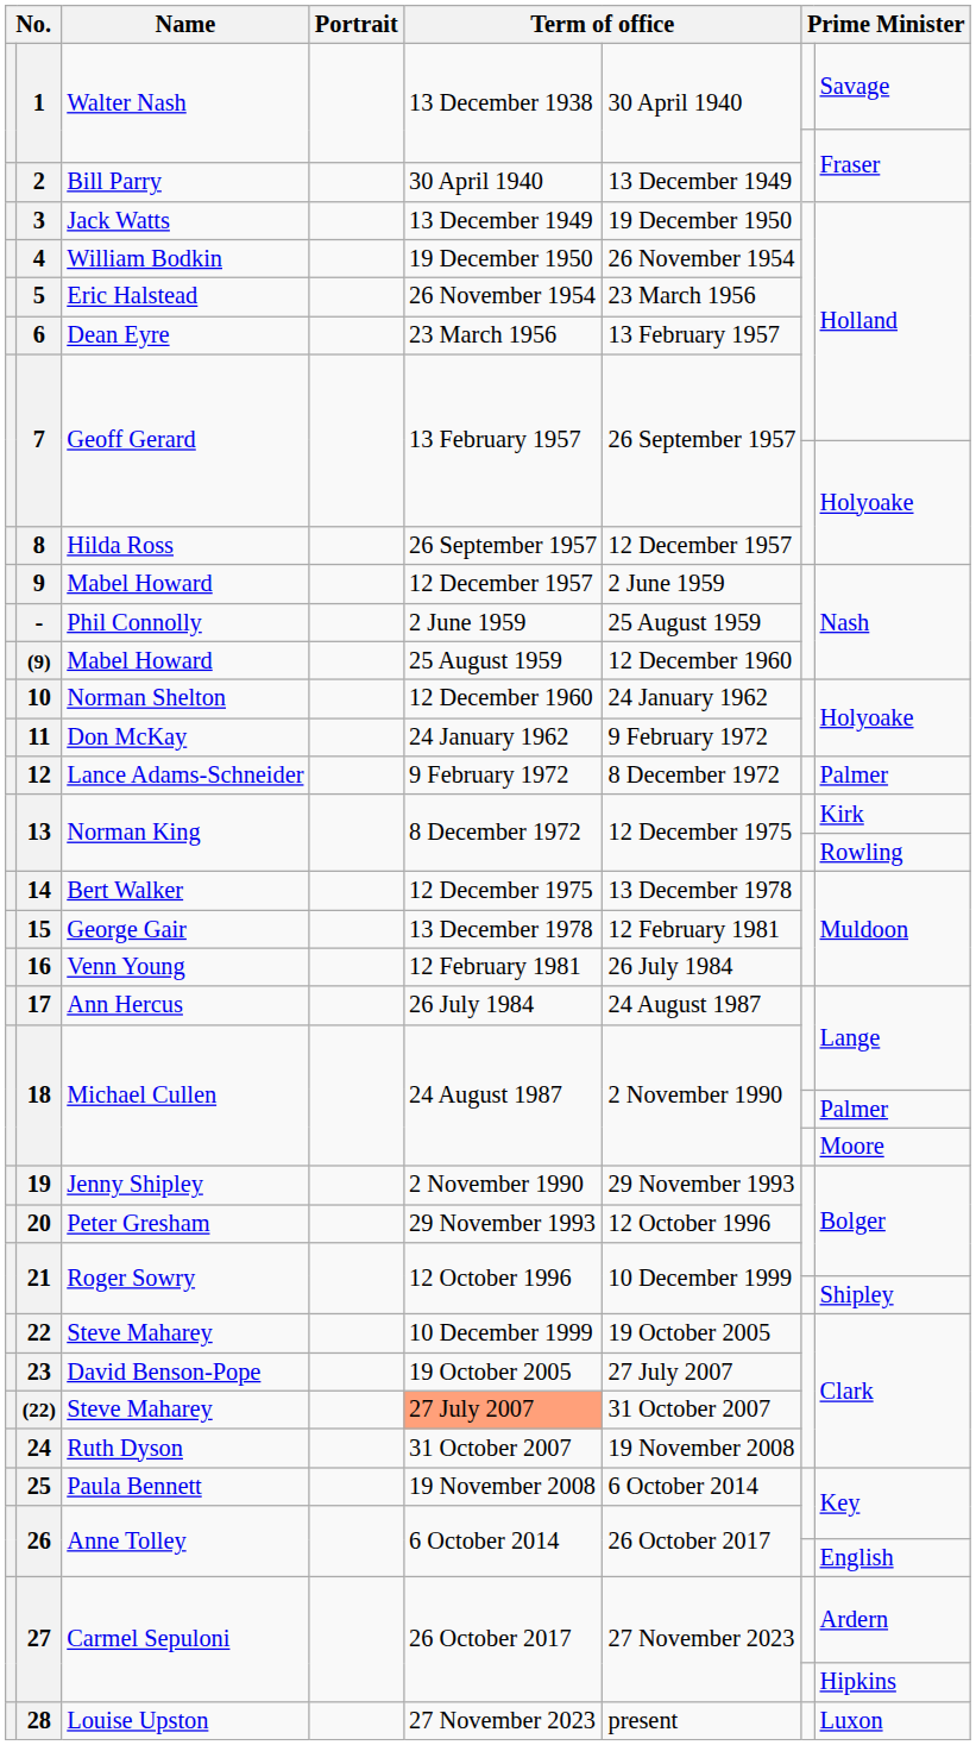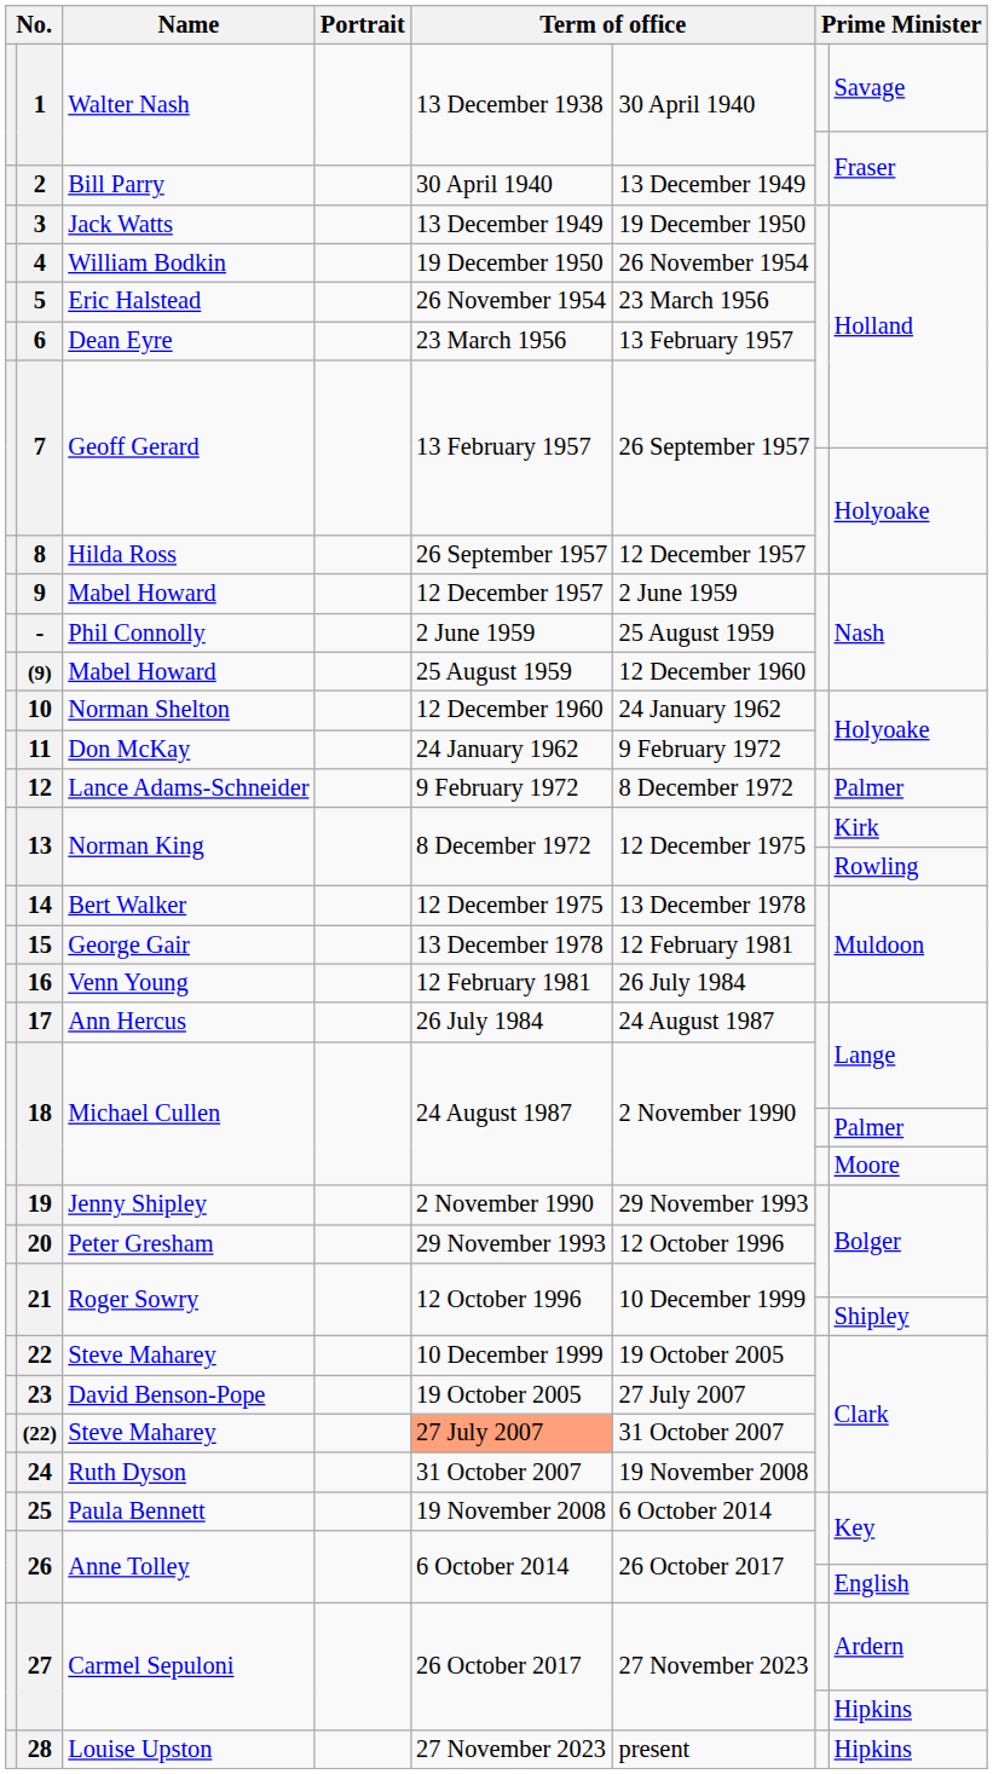 <table class="wikitable">
 <tr>
 <th colspan=2>No.</th>
 <th>Name</th>
 <th>Portrait</th>
 <th colspan=2>Term of office</th>
 <th colspan=2>Prime Minister</th>
 </tr>
 <tr>
 <th height=50 style="border-bottom:solid 0 grey; background:"></th>
 <th rowspan=2>1</th>
 <td rowspan=2><a href='#'>Walter Nash</a></td>
 <td rowspan=2></td>
 <td rowspan=2>13 December 1938</td>
 <td rowspan=2>30 April 1940</td>
 <td width=1 style="color:inherit;background:"></td>
 <td><a href='#'>Savage</a></td>
 </tr>
 <tr>
 <th height=15 style="border-top:solid 0 grey; background:"></th>
 <td rowspan=2 style="border-bottom:solid 0 grey; background:"></td>
 <td rowspan=2><a href='#'>Fraser</a></td>
 </tr>
 <tr>
 <th style="color:inherit;background:"></th>
 <th>2</th>
 <td><a href='#'>Bill Parry</a></td>
 <td></td>
 <td>30 April 1940</td>
 <td>13 December 1949</td>
 </tr>
 <tr>
 <th style="color:inherit;background:"></th>
 <th>3</th>
 <td><a href='#'>Jack Watts</a></td>
 <td></td>
 <td>13 December 1949</td>
 <td>19 December 1950</td>
 <td rowspan=5 style="color:inherit;background:"></td>
 <td rowspan=5><a href='#'>Holland</a></td>
 </tr>
 <tr>
 <th style="color:inherit;background:"></th>
 <th>4</th>
 <td><a href='#'>William Bodkin</a></td>
 <td></td>
 <td>19 December 1950</td>
 <td>26 November 1954</td>
 </tr>
 <tr>
 <th style="color:inherit;background:"></th>
 <th>5</th>
 <td><a href='#'>Eric Halstead</a></td>
 <td></td>
 <td>26 November 1954</td>
 <td>23 March 1956</td>
 </tr>
 <tr>
 <th style="color:inherit;background:"></th>
 <th>6</th>
 <td><a href='#'>Dean Eyre</a></td>
 <td></td>
 <td>23 March 1956</td>
 <td>13 February 1957</td>
 </tr>
 <tr>
 <th height=50 style="border-bottom:solid 0 grey; background:"></th>
 <th rowspan=2>7</th>
 <td rowspan=2><a href='#'>Geoff Gerard</a></td>
 <td rowspan=2></td>
 <td rowspan=2>13 February 1957</td>
 <td rowspan=2>26 September 1957</td>
 </tr>
 <tr>
 <th height=50 style="border-top:solid 0 grey; background:"></th>
 <td rowspan=2 style="color:inherit;background:"></td>
 <td rowspan=2><a href='#'>Holyoake</a></td>
 </tr>
 <tr>
 <th style="color:inherit;background:"></th>
 <th>8</th>
 <td><a href='#'>Hilda Ross</a></td>
 <td></td>
 <td>26 September 1957</td>
 <td>12 December 1957</td>
 </tr>
 <tr>
 <th style="color:inherit;background:"></th>
 <th>9</th>
 <td><a href='#'>Mabel Howard</a></td>
 <td></td>
 <td>12 December 1957</td>
 <td>2 June 1959</td>
 <td rowspan=3 style="color:inherit;background:"></td>
 <td rowspan=3><a href='#'>Nash</a></td>
 </tr>
 <tr>
 <th style="color:inherit;background:"></th>
 <th>-</th>
 <td><a href='#'>Phil Connolly</a><br></td>
 <td></td>
 <td>2 June 1959</td>
 <td>25 August 1959</td>
 </tr>
 <tr>
 <th style="color:inherit;background:"></th>
 <th><small>(9)</small></th>
 <td><a href='#'>Mabel Howard</a></td>
 <td></td>
 <td>25 August 1959</td>
 <td>12 December 1960</td>
 </tr>
 <tr>
 <th style="color:inherit;background:"></th>
 <th>10</th>
 <td><a href='#'>Norman Shelton</a></td>
 <td></td>
 <td>12 December 1960</td>
 <td>24 January 1962</td>
 <td rowspan=2 style="color:inherit;background:"></td>
 <td rowspan=2><a href='#'>Holyoake</a></td>
 </tr>
 <tr>
 <th style="color:inherit;background:"></th>
 <th>11</th>
 <td><a href='#'>Don McKay</a></td>
 <td></td>
 <td>24 January 1962</td>
 <td>9 February 1972</td>
 </tr>
 <tr>
 <th style="color:inherit;background:"></th>
 <th>12</th>
 <td><a href='#'>Lance Adams-Schneider</a></td>
 <td></td>
 <td>9 February 1972</td>
 <td>8 December 1972</td>
 <td style="color:inherit;background:"></td>
 <td><a href='#'>Palmer</a></td>
 </tr>
 <tr>
 <th rowspan=2 style="color:inherit;background:"></th>
 <th rowspan=2>13</th>
 <td rowspan=2><a href='#'>Norman King</a></td>
 <td rowspan=2></td>
 <td rowspan=2>8 December 1972</td>
 <td rowspan=2>12 December 1975</td>
 <td style="color:inherit;background:"></td>
 <td><a href='#'>Kirk</a></td>
 </tr>
 <tr>
 <td style="color:inherit;background:"></td>
 <td><a href='#'>Rowling</a></td>
 </tr>
 <tr>
 <th style="color:inherit;background:"></th>
 <th>14</th>
 <td><a href='#'>Bert Walker</a></td>
 <td></td>
 <td>12 December 1975</td>
 <td>13 December 1978</td>
 <td rowspan=3 style="color:inherit;background:"></td>
 <td rowspan=3><a href='#'>Muldoon</a></td>
 </tr>
 <tr>
 <th style="color:inherit;background:"></th>
 <th>15</th>
 <td><a href='#'>George Gair</a></td>
 <td></td>
 <td>13 December 1978</td>
 <td>12 February 1981</td>
 </tr>
 <tr>
 <th style="color:inherit;background:"></th>
 <th>16</th>
 <td><a href='#'>Venn Young</a></td>
 <td></td>
 <td>12 February 1981</td>
 <td>26 July 1984</td>
 </tr>
 <tr>
 <th style="color:inherit;background:"></th>
 <th>17</th>
 <td><a href='#'>Ann Hercus</a></td>
 <td></td>
 <td>26 July 1984</td>
 <td>24 August 1987</td>
 <td style="border-bottom:solid 0 grey; background:"></td>
 <td rowspan=2><a href='#'>Lange</a></td>
 </tr>
 <tr>
 <th rowspan=3 style="color:inherit;background:"></th>
 <th rowspan=3>18</th>
 <td rowspan=3><a href='#'>Michael Cullen</a></td>
 <td rowspan=3></td>
 <td rowspan=3>24 August 1987</td>
 <td rowspan=3>2 November 1990</td>
 <td height=36 style="border-top:solid 0 grey; background:"></td>
 </tr>
 <tr>
 <td style="color:inherit;background:"></td>
 <td><a href='#'>Palmer</a></td>
 </tr>
 <tr>
 <td style="color:inherit;background:"></td>
 <td><a href='#'>Moore</a></td>
 </tr>
 <tr>
 <th style="color:inherit;background:"></th>
 <th>19</th>
 <td><a href='#'>Jenny Shipley</a></td>
 <td></td>
 <td>2 November 1990</td>
 <td>29 November 1993</td>
 <td rowspan="3" style="color:inherit;background:"></td>
 <td rowspan="3"><a href='#'>Bolger</a></td>
 </tr>
 <tr>
 <th style="color:inherit;background:"></th>
 <th>20</th>
 <td><a href='#'>Peter Gresham</a></td>
 <td></td>
 <td>29 November 1993</td>
 <td>12 October 1996</td>
 </tr>
 <tr>
 <th height=15 style="border-bottom:solid 0 grey; background:"></th>
 <th rowspan="2">21</th>
 <td rowspan="2"><a href='#'>Roger Sowry</a></td>
 <td rowspan="2"></td>
 <td rowspan="2">12 October 1996</td>
 <td rowspan="2">10 December 1999</td>
 </tr>
 <tr>
 <th height=15 style="border-top:solid 0 grey; background:"></th>
 <td style="color:inherit;background:"></td>
 <td><a href='#'>Shipley</a></td>
 </tr>
 <tr>
 <th style="color:inherit;background:"></th>
 <th>22</th>
 <td><a href='#'>Steve Maharey</a></td>
 <td></td>
 <td>10 December 1999</td>
 <td>19 October 2005</td>
 <td rowspan=4 style="color:inherit;background:"></td>
 <td rowspan=4><a href='#'>Clark</a></td>
 </tr>
 <tr>
 <th style="color:inherit;background:"></th>
 <th>23</th>
 <td><a href='#'>David Benson-Pope</a></td>
 <td></td>
 <td>19 October 2005</td>
 <td>27 July 2007</td>
 </tr>
 <tr>
 <th style="color:inherit;background:"></th>
 <th><small>(22)</small></th>
 <td><a href='#'>Steve Maharey</a><br></td>
 <td></td>
 <td style="background: lightsalmon;">27 July 2007</td>
 <td>31 October 2007</td>
 </tr>
 <tr>
 <th style="color:inherit;background:"></th>
 <th>24</th>
 <td><a href='#'>Ruth Dyson</a></td>
 <td></td>
 <td>31 October 2007</td>
 <td>19 November 2008</td>
 </tr>
 <tr>
 <th style="color:inherit;background:"></th>
 <th>25</th>
 <td><a href='#'>Paula Bennett</a></td>
 <td></td>
 <td>19 November 2008</td>
 <td>6 October 2014</td>
 <td rowspan="2" style="color:inherit;background:"></td>
 <td rowspan="2"><a href='#'>Key</a></td>
 </tr>
 <tr>
 <th height=15 style="border-bottom:solid 0 grey; background:"></th>
 <th rowspan="2">26</th>
 <td rowspan="2"><a href='#'>Anne Tolley</a></td>
 <td rowspan="2"></td>
 <td rowspan="2">6 October 2014</td>
 <td rowspan="2">26 October 2017</td>
 </tr>
 <tr>
 <th height=15 style="border-top:solid 0 grey; background:"></th>
 <td style="color:inherit;background:"></td>
 <td><a href='#'>English</a></td>
 </tr>
 <tr>
 <th height=50 style="border-bottom:solid 0 grey; background:"></th>
 <th rowspan="2">27</th>
 <td rowspan="2"><a href='#'>Carmel Sepuloni</a></td>
 <td rowspan="2"></td>
 <td rowspan="2">26 October 2017</td>
 <td rowspan="2">27 November 2023</td>
 <td style="color:inherit;background:"></td>
 <td><a href='#'>Ardern</a></td>
 </tr>
 <tr>
 <th height=15 style="border-top:solid 0 grey; background:"></th>
 <td style="color:inherit;background:"></td>
 <td><a href='#'>Hipkins</a></td>
 </tr>
 <tr>
 <th style="color:inherit;background:"></th>
 <th>28</th>
 <td><a href='#'>Louise Upston</a></td>
 <td></td>
 <td>27 November 2023</td>
 <td>present</td>
 <td style="color:inherit;background:"></td>
-<td><a href='#'>Luxon</a></td>
+<td><a href='#'>Hipkins</a></td>
 </tr>
 </table>
